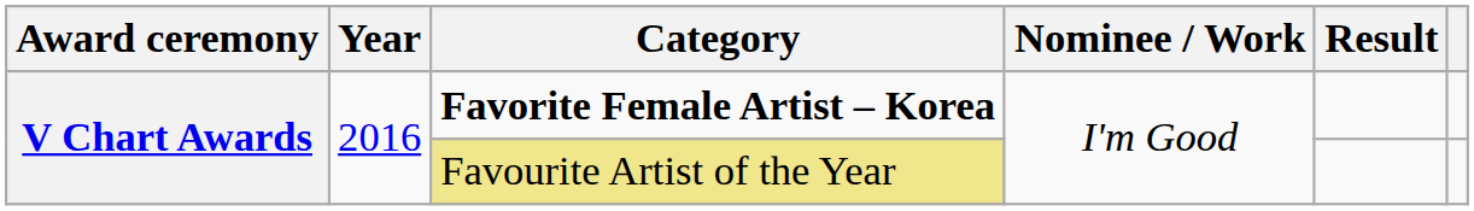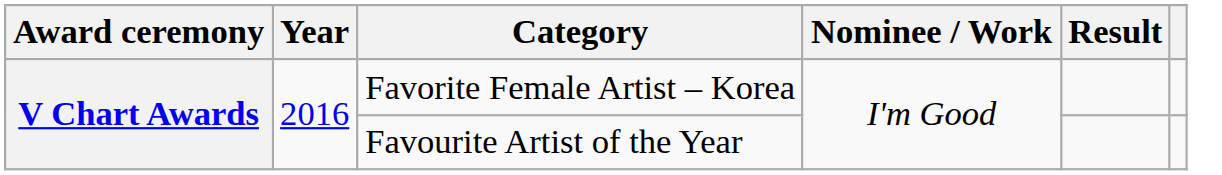 <table class="wikitable plainrowheaders sortable">
 <tr>
 <th scope="col">Award ceremony</th>
 <th scope="col">Year</th>
 <th scope="col">Category</th>
 <th scope="col">Nominee / Work</th>
 <th scope="col">Result</th>
 <th class="unsortable" scope="col"></th>
 </tr>
 <tr>
 <th rowspan="2" ! scope=row><a href='#'>V Chart Awards</a></th>
 <td rowspan="2" align="center"><a href='#'>2016</a></td>
-<td><strong>Favorite Female Artist – Korea</strong></td>
+<td>Favorite Female Artist – Korea</td>
 <td rowspan="2" align="center"><em>I'm Good</em></td>
 <td></td>
 <td align="center"></td>
 </tr>
 <tr>
-<td style="background: khaki;">Favourite Artist of the Year</td>
+<td>Favourite Artist of the Year</td>
 <td></td>
 <td align="center"></td>
 </tr>
 </table>
